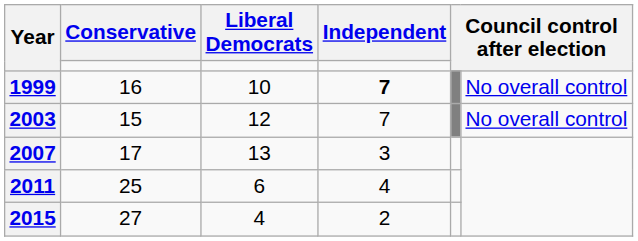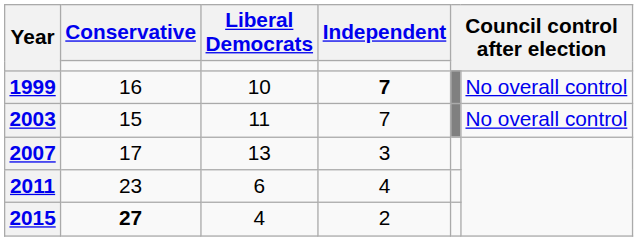 <table class="wikitable plainrowheaders" style="text-align:center">
 <tr>
 <th scope="col" rowspan="2">Year</th>
 <th scope="col"><a href='#'>Conservative</a></th>
 <th scope="col" style="width:1px"><a href='#'>Liberal Democrats</a></th>
 <th scope="col"><a href='#'>Independent</a></th>
 <th scope="col" rowspan="2" colspan="2">Council control<br>after election</th>
 </tr>
 <tr>
 <td style="background:"></td>
 <td style="background:"></td>
 <td style="background:"></td>
 </tr>
 <tr>
 <th scope="row"><a href='#'>1999</a></th>
 <td>16</td>
 <td>10</td>
 <td><strong>7</strong></td>
 <td bgcolor=grey></td>
 <td><a href='#'>No overall control</a></td>
 </tr>
 <tr>
 <th scope="row"><a href='#'>2003</a></th>
 <td>15</td>
-<td>12</td>
+<td>11</td>
 <td>7</td>
 <td bgcolor=grey></td>
 <td><a href='#'>No overall control</a></td>
 </tr>
 <tr>
 <th scope="row"><a href='#'>2007</a></th>
 <td>17</td>
 <td>13</td>
 <td>3</td>
 <td></td>
 </tr>
 <tr>
 <th scope="row"><a href='#'>2011</a></th>
-<td>25</td>
+<td>23</td>
 <td>6</td>
 <td>4</td>
 <td></td>
 </tr>
 <tr>
 <th scope="row"><a href='#'>2015</a></th>
-<td>27</td>
+<td><strong>27</strong></td>
 <td>4</td>
 <td>2</td>
 <td></td>
 </tr>
 </table>
